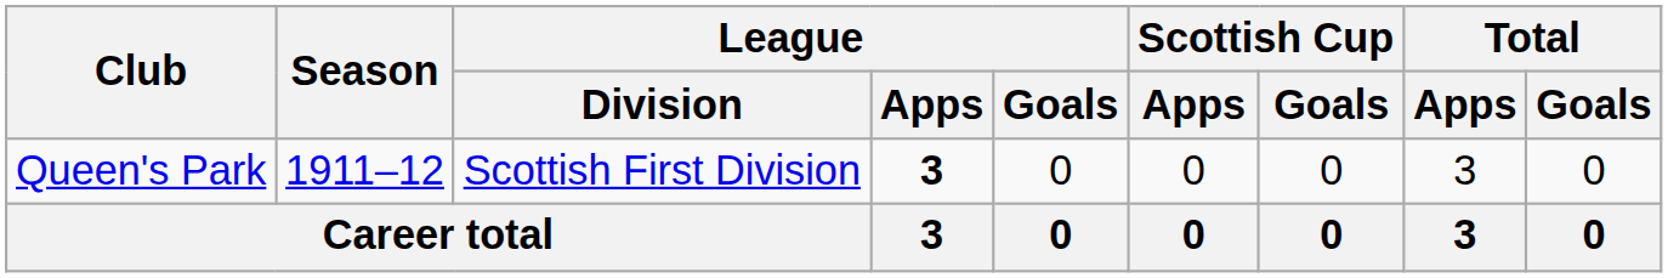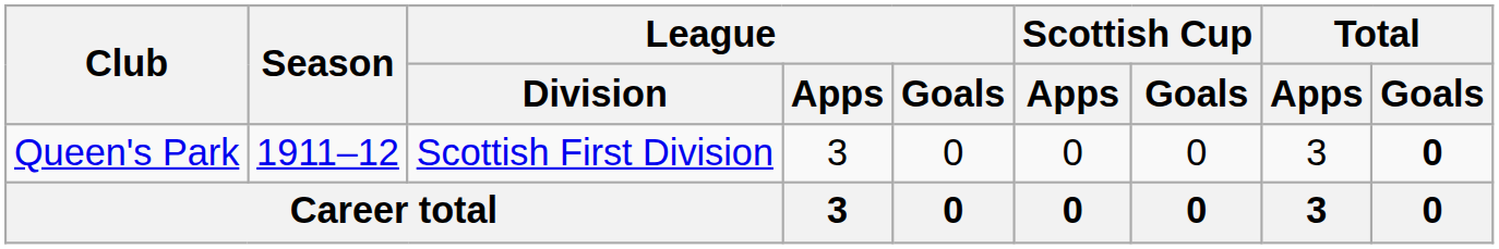 <table class="wikitable" style="text-align: center;">
 <tr>
 <th rowspan="2">Club</th>
 <th rowspan="2">Season</th>
 <th colspan="3">League</th>
 <th colspan="2">Scottish Cup</th>
 <th colspan="2">Total</th>
 </tr>
 <tr>
 <th>Division</th>
 <th>Apps</th>
 <th>Goals</th>
 <th>Apps</th>
 <th>Goals</th>
 <th>Apps</th>
 <th>Goals</th>
 </tr>
 <tr>
 <td><a href='#'>Queen's Park</a></td>
 <td><a href='#'>1911–12</a></td>
 <td><a href='#'>Scottish First Division</a></td>
-<td><strong>3</strong></td>
+<td>3</td>
 <td>0</td>
 <td>0</td>
 <td>0</td>
 <td>3</td>
-<td>0</td>
+<td><strong>0</strong></td>
 </tr>
 <tr>
 <th colspan="3">Career total</th>
 <th>3</th>
 <th>0</th>
 <th>0</th>
 <th>0</th>
 <th>3</th>
 <th>0</th>
 </tr>
 </table>
